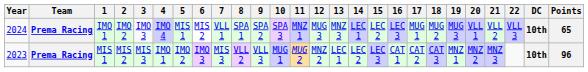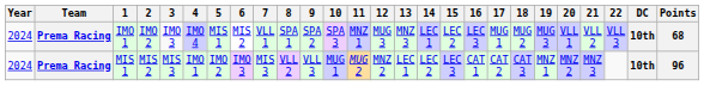 <table class="wikitable" style="text-align:center; font-size:85%">
 <tr>
 <th>Year</th>
 <th>Team</th>
 <th>1</th>
 <th>2</th>
 <th>3</th>
 <th>4</th>
 <th>5</th>
 <th>6</th>
 <th>7</th>
 <th>8</th>
 <th>9</th>
 <th>10</th>
 <th>11</th>
 <th>12</th>
 <th>13</th>
 <th>14</th>
 <th>15</th>
 <th>16</th>
 <th>17</th>
 <th>18</th>
 <th>19</th>
 <th>20</th>
 <th>21</th>
 <th>22</th>
 <th>DC</th>
 <th>Points</th>
 </tr>
 <tr>
 <td><a href='#'>2024</a></td>
 <th nowrap><a href='#'>Prema Racing</a></th>
 <td style="background:#DFFFDF;"><a href='#'>IMO<br>1</a><br></td>
 <td style="background:#DFFFDF;"><a href='#'>IMO<br>2</a><br></td>
 <td><a href='#'>IMO<br>3</a></td>
 <td style="background:#CFCFFF;"><a href='#'>IMO<br>4</a><br></td>
 <td style="background:#DFFFDF;"><a href='#'>MIS<br>1</a><br></td>
 <td style="background:#FFFFFF;"><a href='#'>MIS<br>2</a><br></td>
 <td style="background:#DFFFDF"><a href='#'>VLL<br>1</a><br></td>
 <td style="background:#DFFFDF;"><a href='#'>SPA<br>1</a><br></td>
 <td style="background:#DFFFDF;"><a href='#'>SPA<br>2</a><br></td>
 <td style="background:#EFCFFF;"><a href='#'>SPA<br>3</a><br></td>
 <td style="background:#CFCFFF;"><a href='#'>MNZ<br>1</a><br></td>
 <td style="background:#DFFFDF"><a href='#'>MUG<br>3</a><br></td>
 <td style="background:#DFFFDF;"><a href='#'>MNZ<br>3</a><br></td>
 <td style="background:#CFCFFF;"><a href='#'>LEC<br>1</a><br></td>
 <td style="background:#DFFFDF;"><a href='#'>LEC<br>2</a><br></td>
 <td style="background:#CFCFFF;"><a href='#'>LEC<br>3</a><br></td>
 <td style="background:#DFFFDF;"><a href='#'>MUG<br>1</a><br></td>
 <td style="background:#DFFFDF;"><a href='#'>MUG<br>2</a><br></td>
 <td style="background:#CFCFFF;"><a href='#'>MUG<br>3</a><br></td>
 <td style="background:#CFCFFF;"><a href='#'>VLL<br>1</a><br></td>
 <td style="background:#DFFFDF;"><a href='#'>VLL<br>2</a><br></td>
 <td style="background:#CFCFFF;"><a href='#'>VLL<br>3</a><br></td>
 <th>10th</th>
-<th>65</th>
+<th>68</th>
 </tr>
 <tr>
-<td><a href='#'>2023</a></td>
+<td><a href='#'>2024</a></td>
 <th nowrap><a href='#'>Prema Racing</a></th>
 <td style="background:#DFFFDF"><a href='#'>MIS<br>1</a><br></td>
 <td style="background:#DFFFDF"><a href='#'>MIS<br>2</a><br></td>
 <td style="background:#DFFFDF"><a href='#'>MIS<br>3</a><br></td>
 <td style="background:#DFFFDF"><a href='#'>IMO<br>1</a><br></td>
 <td style="background:#DFFFDF"><a href='#'>IMO<br>2</a><br></td>
 <td style="background:#EFCFFF"><a href='#'>IMO<br>3</a><br></td>
 <td style="background:#DFFFDF;"><a href='#'>MIS<br>3</a><br></td>
 <td style="background:#EFCFFF"><a href='#'>VLL<br>2</a><br></td>
 <td style="background:#DFFFDF"><a href='#'>VLL<br>3</a><br></td>
 <td style="background:#CFCFFF"><a href='#'>MUG<br>1</a><br></td>
 <td style="background:#FFDF9F"><em><a href='#'>MUG<br>2</a></em><br></td>
 <td style="background:#DFFFDF;"><a href='#'>MNZ<br>2</a><br></td>
 <td style="background:#DFFFDF"><a href='#'>LEC<br>1</a><br></td>
 <td style="background:#DFFFDF"><a href='#'>LEC<br>2</a><br></td>
 <td style="background:#CFCFFF"><a href='#'>LEC<br>3</a><br></td>
 <td style="background:#DFFFDF"><a href='#'>CAT<br>1</a><br></td>
 <td style="background:#DFFFDF"><a href='#'>CAT<br>2</a><br></td>
 <td style="background:#CFCFFF"><a href='#'>CAT<br>3</a><br></td>
 <td style="background:#DFFFDF"><a href='#'>MNZ<br>1</a><br></td>
 <td style="background:#CFCFFF"><a href='#'>MNZ<br>2</a><br></td>
 <td style="background:#CFCFFF"><a href='#'>MNZ<br>3</a><br></td>
 <td></td>
 <th>10th</th>
 <th>96</th>
 </tr>
 </table>
